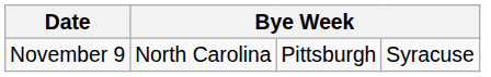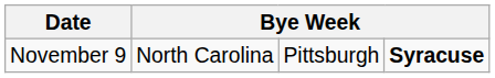 <table class="wikitable" style="font-size:95%;">
 <tr>
 <th>Date</th>
 <th colspan="3">Bye Week</th>
 </tr>
 <tr>
 <td>November 9</td>
 <td>North Carolina</td>
 <td>Pittsburgh</td>
-<td>Syracuse</td>
+<td><strong>Syracuse</strong></td>
 </tr>
 </table>
